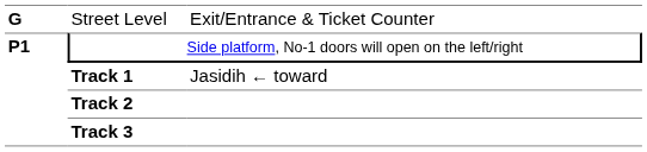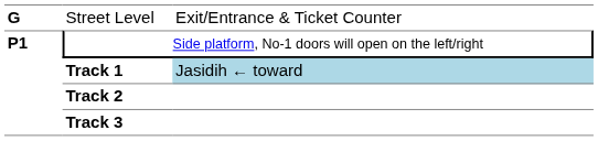 <table table border=0 cellspacing=0 cellpadding=3>
 <tr>
 <td style="border-top:solid 1px gray;" width=50 valign=top><strong>G</strong></td>
 <td style="border-top:solid 1px gray;" width=100 valign=top>Street Level</td>
 <td style="border-top:solid 1px gray;" width=400 valign=top>Exit/Entrance & Ticket Counter</td>
 </tr>
 <tr>
 <td style="border-top:solid 1px gray;border-bottom:solid 1px gray;" width=50 rowspan=6 valign=top><strong>P1</strong></td>
 <td style="border-top:solid 1px gray;border-right:solid 2px black;border-left:solid 2px black;border-bottom:solid 2px black;text-align:center;" colspan=2><small><a href='#'>Side platform</a>, No-1 doors will open on the left/right</small></td>
 </tr>
 <tr>
 <td style="border-bottom:solid 1px gray;" width=100><strong>Track 1</strong></td>
-<td style="border-bottom:solid 1px gray;" width=400>Jasidih ← toward</td>
+<td style="background: lightblue; border-bottom:solid 1px gray;" width=400>Jasidih ← toward</td>
 </tr>
 <tr>
 <td style="border-bottom:solid 1px gray;" width=100><strong>Track 2</strong></td>
 <td style="border-bottom:solid 1px gray;" width=400></td>
 </tr>
 <tr>
 <td style="border-bottom:solid 1px gray;" width=100><strong>Track 3</strong></td>
 <td style="border-bottom:solid 1px gray;" width=400></td>
 </tr>
 </table>
